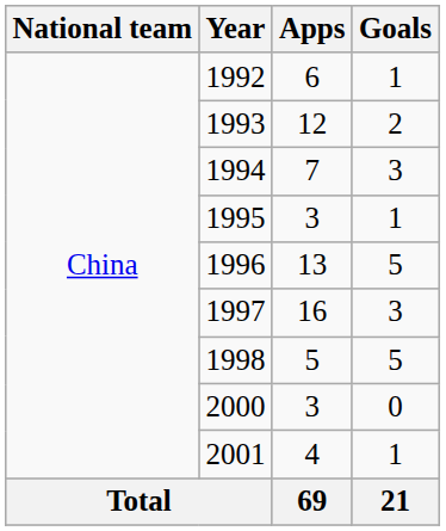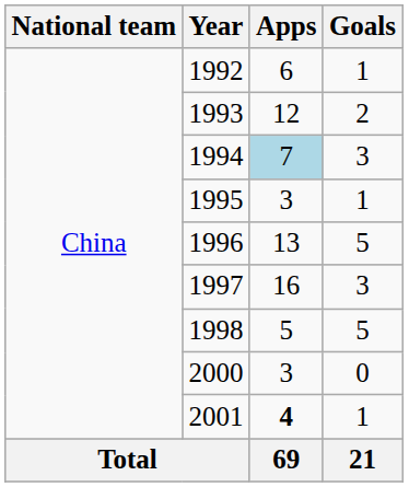 <table class="wikitable" style="text-align:center">
 <tr>
 <th>National team</th>
 <th>Year</th>
 <th>Apps</th>
 <th>Goals</th>
 </tr>
 <tr>
 <td rowspan="9"><a href='#'>China</a></td>
 <td>1992</td>
 <td>6</td>
 <td>1</td>
 </tr>
 <tr>
 <td>1993</td>
 <td>12</td>
 <td>2</td>
 </tr>
 <tr>
 <td>1994</td>
-<td>7</td>
+<td style="background: lightblue;">7</td>
 <td>3</td>
 </tr>
 <tr>
 <td>1995</td>
 <td>3</td>
 <td>1</td>
 </tr>
 <tr>
 <td>1996</td>
 <td>13</td>
 <td>5</td>
 </tr>
 <tr>
 <td>1997</td>
 <td>16</td>
 <td>3</td>
 </tr>
 <tr>
 <td>1998</td>
 <td>5</td>
 <td>5</td>
 </tr>
 <tr>
 <td>2000</td>
 <td>3</td>
 <td>0</td>
 </tr>
 <tr>
 <td>2001</td>
-<td>4</td>
+<td><strong>4</strong></td>
 <td>1</td>
 </tr>
 <tr>
 <th colspan="2">Total</th>
 <th>69</th>
 <th>21</th>
 </tr>
 </table>
